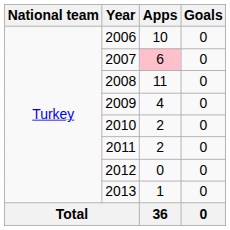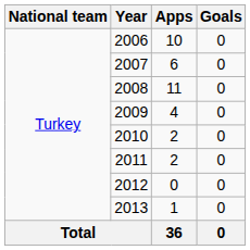 <table class="wikitable" style="text-align:center">
 <tr>
 <th>National team</th>
 <th>Year</th>
 <th>Apps</th>
 <th>Goals</th>
 </tr>
 <tr>
 <td rowspan="8"><a href='#'>Turkey</a></td>
 <td>2006</td>
 <td>10</td>
 <td>0</td>
 </tr>
 <tr>
 <td>2007</td>
-<td style="background: pink;">6</td>
+<td>6</td>
 <td>0</td>
 </tr>
 <tr>
 <td>2008</td>
 <td>11</td>
 <td>0</td>
 </tr>
 <tr>
 <td>2009</td>
 <td>4</td>
 <td>0</td>
 </tr>
 <tr>
 <td>2010</td>
 <td>2</td>
 <td>0</td>
 </tr>
 <tr>
 <td>2011</td>
 <td>2</td>
 <td>0</td>
 </tr>
 <tr>
 <td>2012</td>
 <td>0</td>
 <td>0</td>
 </tr>
 <tr>
 <td>2013</td>
 <td>1</td>
 <td>0</td>
 </tr>
 <tr>
 <th colspan="2">Total</th>
 <th>36</th>
 <th>0</th>
 </tr>
 </table>
